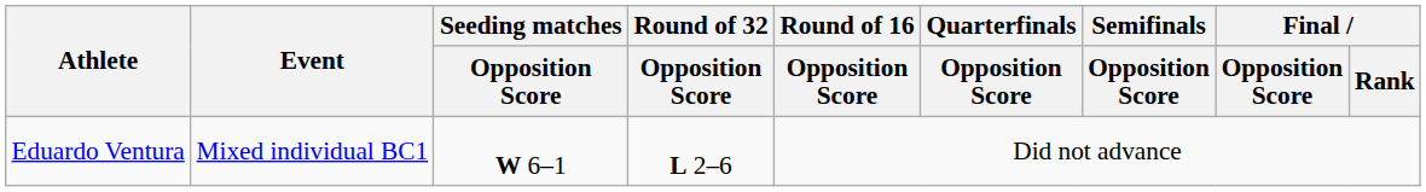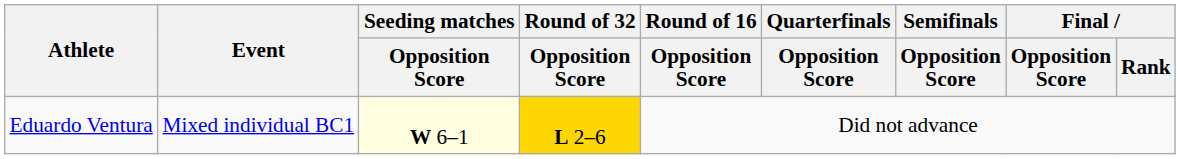 <table class=wikitable>
 <tr>
 <th rowspan="2">Athlete</th>
 <th rowspan="2">Event</th>
 <th>Seeding matches</th>
 <th>Round of 32</th>
 <th>Round of 16</th>
 <th>Quarterfinals</th>
 <th>Semifinals</th>
 <th colspan="2">Final / </th>
 </tr>
 <tr>
 <th>Opposition<br>Score</th>
 <th>Opposition<br>Score</th>
 <th>Opposition<br>Score</th>
 <th>Opposition<br>Score</th>
 <th>Opposition<br>Score</th>
 <th>Opposition<br>Score</th>
 <th>Rank</th>
 </tr>
 <tr>
 <td><a href='#'>Eduardo Ventura</a></td>
 <td rowspan="3"><a href='#'>Mixed individual BC1</a></td>
-<td align="center"><br><strong>W</strong> 6–1</td>
-<td align="center"><br><strong>L</strong> 2–6</td>
+<td align="center" style="background: lightyellow;"><br><strong>W</strong> 6–1</td>
+<td align="center" style="background: gold;"><br><strong>L</strong> 2–6</td>
 <td align="center" colspan=5>Did not advance</td>
 </tr>
 </table>
